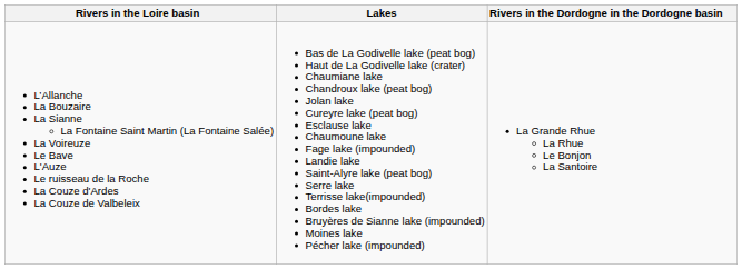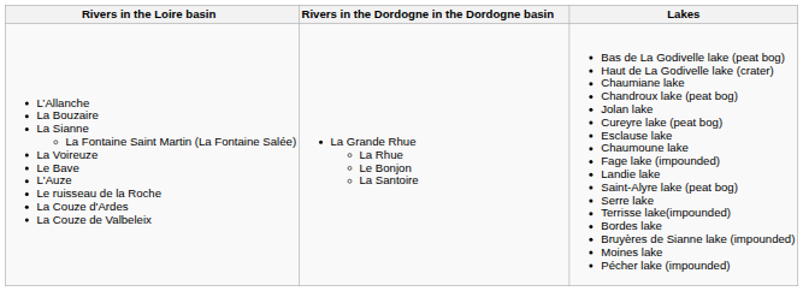 <table class="wikitable">
 <tr>
 <th>Rivers in the Loire basin  </th>
+<th>Rivers in the Dordogne in the Dordogne basin    </th>
 <th>Lakes</th>
-<th>Rivers in the Dordogne in the Dordogne basin    </th>
 </tr>
 <tr>
 <td><br><ul><li>L’Allanche</li><li>La Bouzaire</li><li>La Sianne<ul><li>La Fontaine Saint Martin  (La Fontaine Salée)</li></ul></li><li>La Voireuze</li><li>Le Bave</li><li>L'Auze</li><li>Le ruisseau de la Roche</li><li>La Couze d'Ardes</li><li>La Couze de Valbeleix</li></ul></td>
+<td><br><ul><li>La Grande Rhue<ul><li>La Rhue</li><li>Le Bonjon</li><li>La Santoire</li></ul></li></ul></td>
 <td><br><ul><li>Bas de La Godivelle lake (peat bog)</li><li>Haut de La Godivelle lake (crater)</li><li>Chaumiane lake</li><li>Chandroux lake (peat bog)</li><li>Jolan lake</li><li>Cureyre lake (peat bog)</li><li>Esclause lake</li><li>Chaumoune lake</li><li>Fage lake (impounded)</li><li>Landie lake</li><li>Saint-Alyre lake (peat bog)</li><li>Serre lake</li><li>Terrisse lake(impounded)</li><li>Bordes lake</li><li>Bruyères de Sianne lake (impounded)</li><li>Moines lake</li><li>Pécher lake (impounded)</li></ul></td>
-<td><br><ul><li>La Grande Rhue<ul><li>La Rhue</li><li>Le Bonjon</li><li>La Santoire</li></ul></li></ul></td>
 </tr>
 </table>
